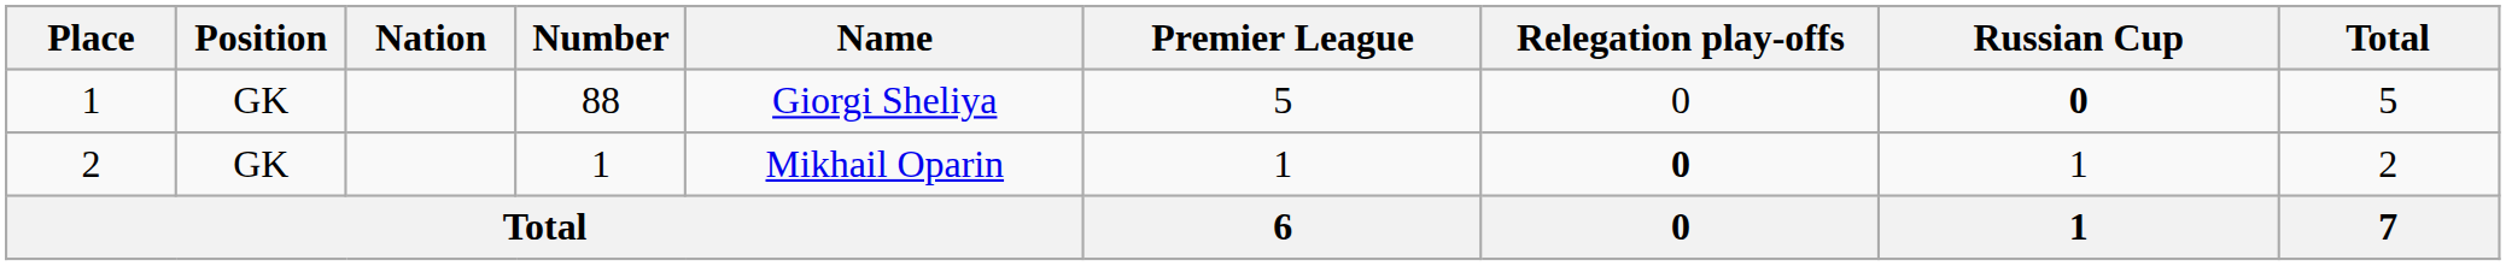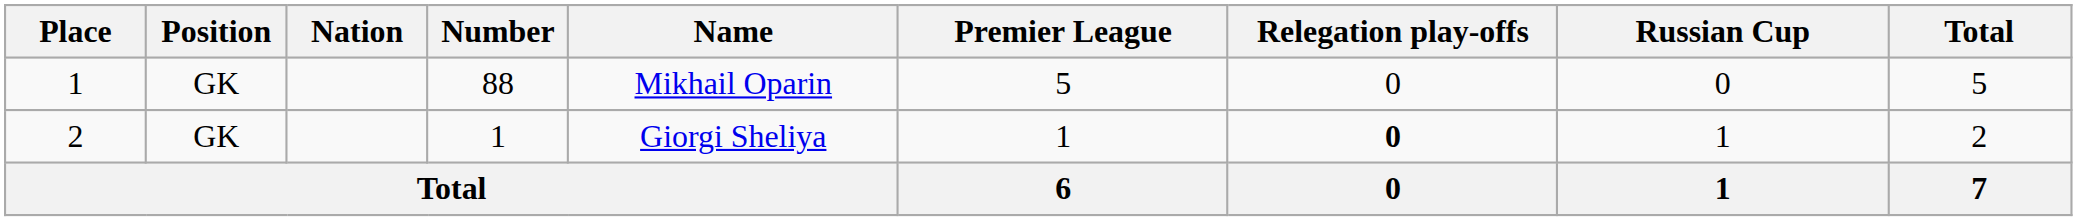 <table class="wikitable" style="font-size: 95%; text-align: center;">
 <tr>
 <th width=60>Place</th>
 <th width=60>Position</th>
 <th width=60>Nation</th>
 <th width=60>Number</th>
 <th width=150>Name</th>
 <th width=150>Premier League</th>
 <th width=150>Relegation play-offs</th>
 <th width=150>Russian Cup</th>
 <th width=80>Total</th>
 </tr>
 <tr>
 <td>1</td>
 <td>GK</td>
 <td></td>
 <td>88</td>
-<td><a href='#'>Giorgi Sheliya</a></td>
+<td><a href='#'>Mikhail Oparin</a></td>
 <td>5</td>
 <td>0</td>
-<td><strong>0</strong></td>
+<td>0</td>
 <td>5</td>
 </tr>
 <tr>
 <td>2</td>
 <td>GK</td>
 <td></td>
 <td>1</td>
-<td><a href='#'>Mikhail Oparin</a></td>
+<td><a href='#'>Giorgi Sheliya</a></td>
 <td>1</td>
 <td><strong>0</strong></td>
 <td>1</td>
 <td>2</td>
 </tr>
 <tr>
 <th colspan=5>Total</th>
 <th>6</th>
 <th>0</th>
 <th>1</th>
 <th>7</th>
 </tr>
 </table>
